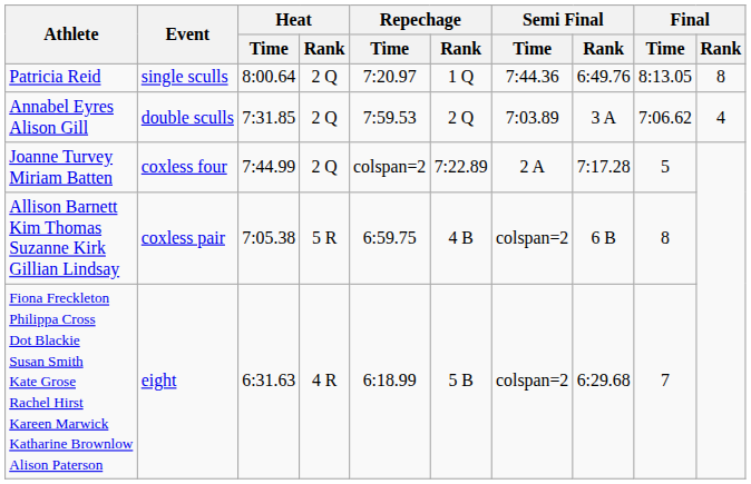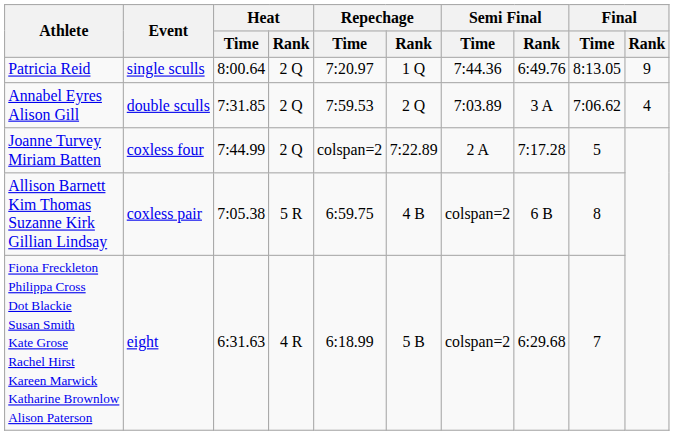 <table class=wikitable style="font-size:90%">
 <tr>
 <th rowspan="2">Athlete</th>
 <th rowspan="2">Event</th>
 <th colspan="2">Heat</th>
 <th colspan="2">Repechage</th>
 <th colspan="2">Semi Final</th>
 <th colspan="2">Final</th>
 </tr>
 <tr>
 <th>Time</th>
 <th>Rank</th>
 <th>Time</th>
 <th>Rank</th>
 <th>Time</th>
 <th>Rank</th>
 <th>Time</th>
 <th>Rank</th>
 </tr>
 <tr style="text-align:center">
 <td style="text-align:left"><a href='#'>Patricia Reid</a></td>
 <td style="text-align:left"><a href='#'>single sculls</a></td>
 <td>8:00.64</td>
 <td>2 Q</td>
 <td>7:20.97</td>
 <td>1 Q</td>
 <td>7:44.36</td>
 <td>6:49.76</td>
 <td>8:13.05</td>
-<td>8</td>
+<td>9</td>
 </tr>
 <tr style="text-align:center">
 <td style="text-align:left"><a href='#'>Annabel Eyres</a><br><a href='#'>Alison Gill</a></td>
 <td style="text-align:left"><a href='#'>double sculls</a></td>
 <td>7:31.85</td>
 <td>2 Q</td>
 <td>7:59.53</td>
 <td>2 Q</td>
 <td>7:03.89</td>
 <td>3 A</td>
 <td>7:06.62</td>
 <td>4</td>
 </tr>
 <tr style="text-align:center">
 <td style="text-align:left"><a href='#'>Joanne Turvey</a><br><a href='#'>Miriam Batten</a></td>
 <td style="text-align:left"><a href='#'>coxless four</a></td>
 <td>7:44.99</td>
 <td>2 Q</td>
 <td>colspan=2</td>
 <td>7:22.89</td>
 <td>2 A</td>
 <td>7:17.28</td>
 <td>5</td>
 </tr>
 <tr style="text-align:center">
 <td style="text-align:left"><a href='#'>Allison Barnett</a><br><a href='#'>Kim Thomas</a><br><a href='#'>Suzanne Kirk</a><br><a href='#'>Gillian Lindsay</a></td>
 <td style="text-align:left"><a href='#'>coxless pair</a></td>
 <td>7:05.38</td>
 <td>5 R</td>
 <td>6:59.75</td>
 <td>4 B</td>
 <td>colspan=2</td>
 <td>6 B</td>
 <td>8</td>
 </tr>
 <tr style="text-align:center">
 <td style="text-align:left"><small><a href='#'>Fiona Freckleton</a><br><a href='#'>Philippa Cross</a><br><a href='#'>Dot Blackie</a><br><a href='#'>Susan Smith</a><br><a href='#'>Kate Grose</a><br><a href='#'>Rachel Hirst</a><br><a href='#'>Kareen Marwick</a><br><a href='#'>Katharine Brownlow</a><br><a href='#'>Alison Paterson</a></small></td>
 <td style="text-align:left"><a href='#'>eight</a></td>
 <td>6:31.63</td>
 <td>4 R</td>
 <td>6:18.99</td>
 <td>5 B</td>
 <td>colspan=2</td>
 <td>6:29.68</td>
 <td>7</td>
 </tr>
 </table>
